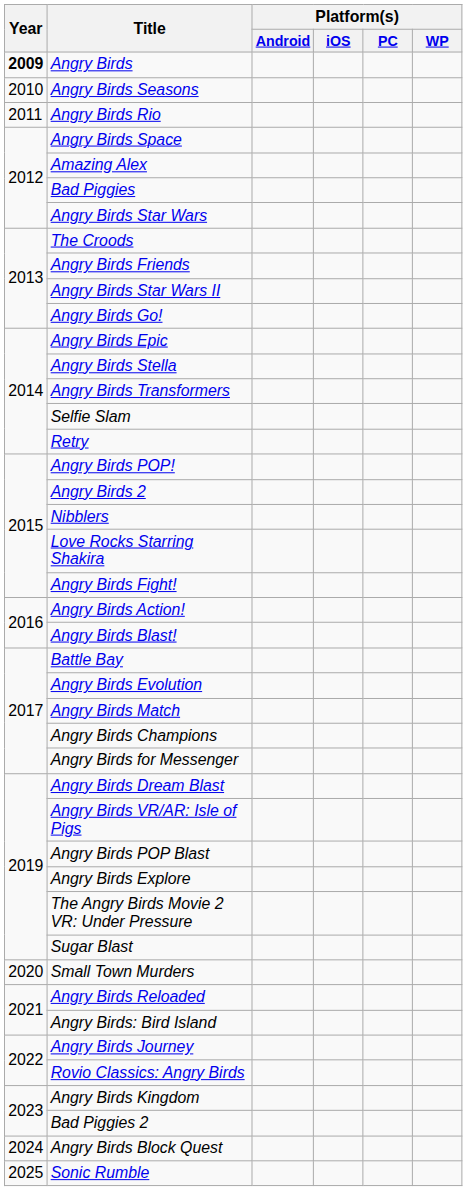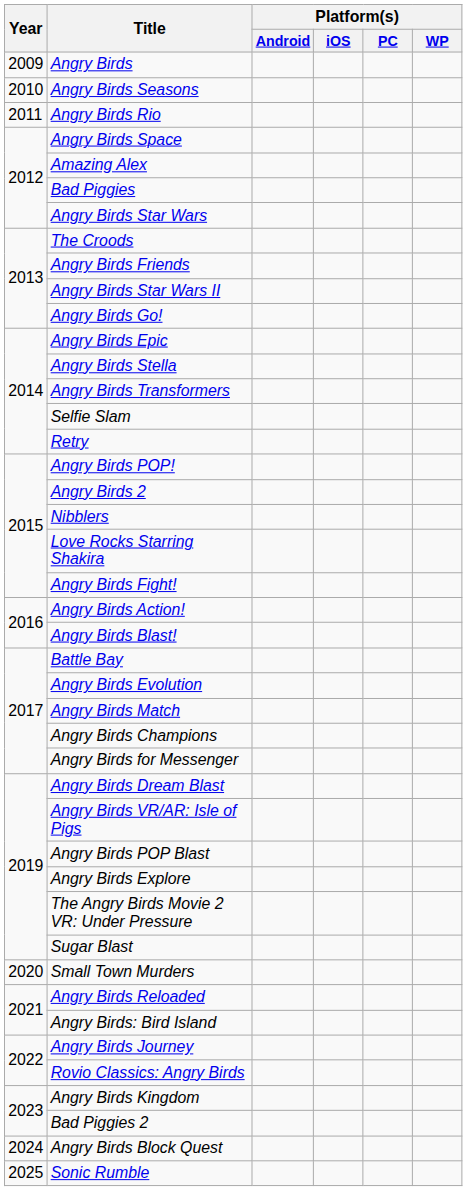 <table class="wikitable sortable">
 <tr>
 <th rowspan="2">Year</th>
 <th width=200px rowspan="2">Title</th>
 <th colspan="4">Platform(s)</th>
 </tr>
 <tr>
 <th style="width:3em; font-size:90%"><a href='#'>Android</a></th>
 <th style="width:3em; font-size:90%"><a href='#'>iOS</a></th>
 <th style="width:3em; font-size:90%"><a href='#'>PC</a></th>
 <th style="width:3em; font-size:90%"><a href='#'>WP</a></th>
 </tr>
 <tr>
-<td><strong>2009</strong></td>
+<td>2009</td>
 <td><em><a href='#'>Angry Birds</a></em></td>
 <td></td>
 <td></td>
 <td></td>
 <td></td>
 </tr>
 <tr>
 <td>2010</td>
 <td><em><a href='#'>Angry Birds Seasons</a></em></td>
 <td></td>
 <td></td>
 <td></td>
 <td></td>
 </tr>
 <tr>
 <td>2011</td>
 <td><em><a href='#'>Angry Birds Rio</a></em></td>
 <td></td>
 <td></td>
 <td></td>
 <td></td>
 </tr>
 <tr>
 <td rowspan="4">2012</td>
 <td><em><a href='#'>Angry Birds Space</a></em></td>
 <td></td>
 <td></td>
 <td></td>
 <td></td>
 </tr>
 <tr>
 <td><em><a href='#'>Amazing Alex</a></em></td>
 <td></td>
 <td></td>
 <td></td>
 <td></td>
 </tr>
 <tr>
 <td><em><a href='#'>Bad Piggies</a></em></td>
 <td></td>
 <td></td>
 <td></td>
 <td></td>
 </tr>
 <tr>
 <td><em><a href='#'>Angry Birds Star Wars</a></em></td>
 <td></td>
 <td></td>
 <td></td>
 <td></td>
 </tr>
 <tr>
 <td rowspan="4">2013</td>
 <td><em><a href='#'>The Croods</a></em></td>
 <td></td>
 <td></td>
 <td></td>
 <td></td>
 </tr>
 <tr>
 <td><em><a href='#'>Angry Birds Friends</a></em></td>
 <td></td>
 <td></td>
 <td></td>
 <td></td>
 </tr>
 <tr>
 <td><em><a href='#'>Angry Birds Star Wars II</a></em></td>
 <td></td>
 <td></td>
 <td></td>
 <td></td>
 </tr>
 <tr>
 <td><em><a href='#'>Angry Birds Go!</a></em></td>
 <td></td>
 <td></td>
 <td></td>
 <td></td>
 </tr>
 <tr>
 <td rowspan="5">2014</td>
 <td><em><a href='#'>Angry Birds Epic</a></em></td>
 <td></td>
 <td></td>
 <td></td>
 <td></td>
 </tr>
 <tr>
 <td><em><a href='#'>Angry Birds Stella</a></em></td>
 <td></td>
 <td></td>
 <td></td>
 <td></td>
 </tr>
 <tr>
 <td><em><a href='#'>Angry Birds Transformers</a></em></td>
 <td></td>
 <td></td>
 <td></td>
 <td></td>
 </tr>
 <tr>
 <td><em>Selfie Slam</em></td>
 <td></td>
 <td></td>
 <td></td>
 <td></td>
 </tr>
 <tr>
 <td><em><a href='#'>Retry</a></em></td>
 <td></td>
 <td></td>
 <td></td>
 <td></td>
 </tr>
 <tr>
 <td rowspan="5">2015</td>
 <td><em><a href='#'>Angry Birds POP!</a></em></td>
 <td></td>
 <td></td>
 <td></td>
 <td></td>
 </tr>
 <tr>
 <td><em><a href='#'>Angry Birds 2</a></em></td>
 <td></td>
 <td></td>
 <td></td>
 <td></td>
 </tr>
 <tr>
 <td><em><a href='#'>Nibblers</a></em></td>
 <td></td>
 <td></td>
 <td></td>
 <td></td>
 </tr>
 <tr>
 <td><em><a href='#'>Love Rocks Starring Shakira</a></em></td>
 <td></td>
 <td></td>
 <td></td>
 <td></td>
 </tr>
 <tr>
 <td><em><a href='#'>Angry Birds Fight!</a></em></td>
 <td></td>
 <td></td>
 <td></td>
 <td></td>
 </tr>
 <tr>
 <td rowspan="2">2016</td>
 <td><em><a href='#'>Angry Birds Action!</a></em></td>
 <td></td>
 <td></td>
 <td></td>
 <td></td>
 </tr>
 <tr>
 <td><em><a href='#'>Angry Birds Blast!</a></em></td>
 <td></td>
 <td></td>
 <td></td>
 <td></td>
 </tr>
 <tr>
 <td rowspan="5">2017</td>
 <td><em><a href='#'>Battle Bay</a></em></td>
 <td></td>
 <td></td>
 <td></td>
 <td></td>
 </tr>
 <tr>
 <td><em><a href='#'>Angry Birds Evolution</a></em></td>
 <td></td>
 <td></td>
 <td></td>
 <td></td>
 </tr>
 <tr>
 <td><em><a href='#'>Angry Birds Match</a></em></td>
 <td></td>
 <td></td>
 <td></td>
 <td></td>
 </tr>
 <tr>
 <td><em>Angry Birds Champions</em></td>
 <td></td>
 <td></td>
 <td></td>
 <td></td>
 </tr>
 <tr>
 <td><em>Angry Birds for Messenger</em></td>
 <td></td>
 <td></td>
 <td></td>
 <td></td>
 </tr>
 <tr>
 <td rowspan="6">2019</td>
 <td><em><a href='#'>Angry Birds Dream Blast</a></em></td>
 <td></td>
 <td></td>
 <td></td>
 <td></td>
 </tr>
 <tr>
 <td><em><a href='#'>Angry Birds VR/AR: Isle of Pigs</a></em></td>
 <td></td>
 <td></td>
 <td></td>
 <td></td>
 </tr>
 <tr>
 <td><em>Angry Birds POP Blast</em></td>
 <td></td>
 <td></td>
 <td></td>
 <td></td>
 </tr>
 <tr>
 <td><em>Angry Birds Explore</em></td>
 <td></td>
 <td></td>
 <td></td>
 <td></td>
 </tr>
 <tr>
 <td><em>The Angry Birds Movie 2 VR: Under Pressure</em></td>
 <td></td>
 <td></td>
 <td></td>
 <td></td>
 </tr>
 <tr>
 <td><em>Sugar Blast</em></td>
 <td></td>
 <td></td>
 <td></td>
 <td></td>
 </tr>
 <tr>
 <td>2020</td>
 <td><em>Small Town Murders</em></td>
 <td></td>
 <td></td>
 <td></td>
 <td></td>
 </tr>
 <tr>
 <td rowspan="2">2021</td>
 <td><em><a href='#'>Angry Birds Reloaded</a></em></td>
 <td></td>
 <td></td>
 <td></td>
 <td></td>
 </tr>
 <tr>
 <td><em>Angry Birds: Bird Island</em></td>
 <td></td>
 <td></td>
 <td></td>
 <td></td>
 </tr>
 <tr>
 <td rowspan="2">2022</td>
 <td><em><a href='#'>Angry Birds Journey</a></em></td>
 <td></td>
 <td></td>
 <td></td>
 <td></td>
 </tr>
 <tr>
 <td><em><a href='#'>Rovio Classics: Angry Birds</a></em></td>
 <td></td>
 <td></td>
 <td></td>
 <td></td>
 </tr>
 <tr>
 <td rowspan="2">2023</td>
 <td><em>Angry Birds Kingdom</em></td>
 <td></td>
 <td></td>
 <td></td>
 <td></td>
 </tr>
 <tr>
 <td><em>Bad Piggies 2</em></td>
 <td></td>
 <td></td>
 <td></td>
 <td></td>
 </tr>
 <tr>
 <td>2024</td>
 <td><em>Angry Birds Block Quest</em></td>
 <td></td>
 <td></td>
 <td></td>
 <td></td>
 </tr>
 <tr>
 <td>2025</td>
 <td><em><a href='#'>Sonic Rumble</a></em></td>
 <td></td>
 <td></td>
 <td></td>
 <td></td>
 </tr>
 </table>
